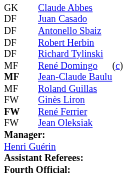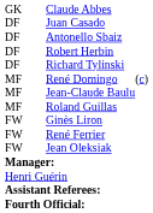 <table style=font-size:90% cellspacing=0 cellpadding=0>
 <tr>
 <td colspan=4></td>
 </tr>
 <tr>
 <th width=25></th>
 <th width=25></th>
 </tr>
 <tr>
 <td>GK</td>
 <td><strong> </strong></td>
 <td> <a href='#'>Claude Abbes</a></td>
 </tr>
 <tr>
 <td>DF</td>
 <td><strong> </strong></td>
 <td> <a href='#'>Juan Casado</a></td>
 </tr>
 <tr>
 <td>DF</td>
 <td><strong> </strong></td>
 <td> <a href='#'>Antonello Sbaiz</a></td>
 </tr>
 <tr>
 <td>DF</td>
 <td><strong> </strong></td>
 <td> <a href='#'>Robert Herbin</a></td>
 </tr>
 <tr>
 <td>DF</td>
 <td><strong> </strong></td>
 <td> <a href='#'>Richard Tylinski</a></td>
 </tr>
 <tr>
 <td>MF</td>
 <td><strong> </strong></td>
 <td> <a href='#'>René Domingo</a></td>
 <td>(<a href='#'>c</a>)</td>
 </tr>
 <tr>
-<td><strong>MF</strong></td>
+<td>MF</td>
 <td><strong> </strong></td>
 <td> <a href='#'>Jean-Claude Baulu</a></td>
 </tr>
 <tr>
 <td>MF</td>
 <td><strong> </strong></td>
 <td> <a href='#'>Roland Guillas</a></td>
 </tr>
 <tr>
 <td>FW</td>
 <td><strong> </strong></td>
 <td> <a href='#'>Ginès Liron</a></td>
 </tr>
 <tr>
-<td><strong>FW</strong></td>
+<td>FW</td>
 <td><strong> </strong></td>
 <td> <a href='#'>René Ferrier</a></td>
 </tr>
 <tr>
 <td>FW</td>
 <td><strong> </strong></td>
 <td> <a href='#'>Jean Oleksiak</a></td>
 </tr>
 <tr>
 <td colspan=3><strong>Manager:</strong></td>
 </tr>
 <tr>
 <td colspan=4> <a href='#'>Henri Guérin</a><br><strong>Assistant Referees:</strong><br> <strong>Fourth Official:</strong><br></td>
 </tr>
 </table>
